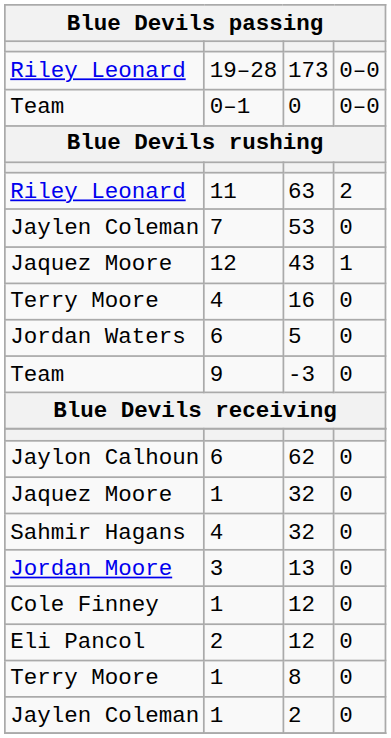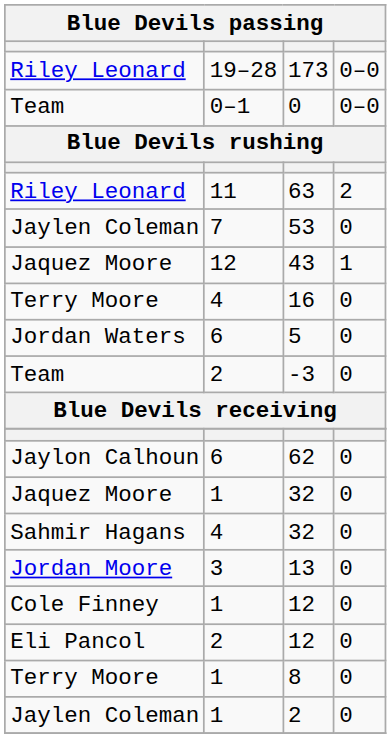 <table class="wikitable plainrowheaders">
 <tr>
 <th colspan="6">Blue Devils passing</th>
 </tr>
 <tr>
 <th scope="col"></th>
 <th scope="col"></th>
 <th scope="col"></th>
 <th scope="col"></th>
 </tr>
 <tr>
 <td><a href='#'>Riley Leonard</a></td>
 <td>19–28</td>
 <td>173</td>
 <td>0–0</td>
 </tr>
 <tr>
 <td>Team</td>
 <td>0–1</td>
 <td>0</td>
 <td>0–0</td>
 </tr>
 <tr>
 <th colspan="6">Blue Devils rushing</th>
 </tr>
 <tr>
 <th scope="col"></th>
 <th scope="col"></th>
 <th scope="col"></th>
 <th scope="col"></th>
 </tr>
 <tr>
 <td><a href='#'>Riley Leonard</a></td>
 <td>11</td>
 <td>63</td>
 <td>2</td>
 </tr>
 <tr>
 <td>Jaylen Coleman</td>
 <td>7</td>
 <td>53</td>
 <td>0</td>
 </tr>
 <tr>
 <td>Jaquez Moore</td>
 <td>12</td>
 <td>43</td>
 <td>1</td>
 </tr>
 <tr>
 <td>Terry Moore</td>
 <td>4</td>
 <td>16</td>
 <td>0</td>
 </tr>
 <tr>
 <td>Jordan Waters</td>
 <td>6</td>
 <td>5</td>
 <td>0</td>
 </tr>
 <tr>
 <td>Team</td>
-<td>9</td>
+<td>2</td>
 <td>-3</td>
 <td>0</td>
 </tr>
 <tr>
 <th colspan="6">Blue Devils receiving</th>
 </tr>
 <tr>
 </tr>
 <tr>
 <th scope="col"></th>
 <th scope="col"></th>
 <th scope="col"></th>
 <th scope="col"></th>
 </tr>
 <tr>
 <td>Jaylon Calhoun</td>
 <td>6</td>
 <td>62</td>
 <td>0</td>
 </tr>
 <tr>
 <td>Jaquez Moore</td>
 <td>1</td>
 <td>32</td>
 <td>0</td>
 </tr>
 <tr>
 <td>Sahmir Hagans</td>
 <td>4</td>
 <td>32</td>
 <td>0</td>
 </tr>
 <tr>
 <td><a href='#'>Jordan Moore</a></td>
 <td>3</td>
 <td>13</td>
 <td>0</td>
 </tr>
 <tr>
 <td>Cole Finney</td>
 <td>1</td>
 <td>12</td>
 <td>0</td>
 </tr>
 <tr>
 <td>Eli Pancol</td>
 <td>2</td>
 <td>12</td>
 <td>0</td>
 </tr>
 <tr>
 <td>Terry Moore</td>
 <td>1</td>
 <td>8</td>
 <td>0</td>
 </tr>
 <tr>
 <td>Jaylen Coleman</td>
 <td>1</td>
 <td>2</td>
 <td>0</td>
 </tr>
 <tr>
 </tr>
 </table>
